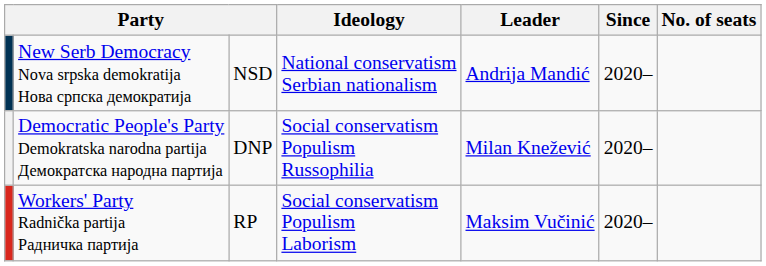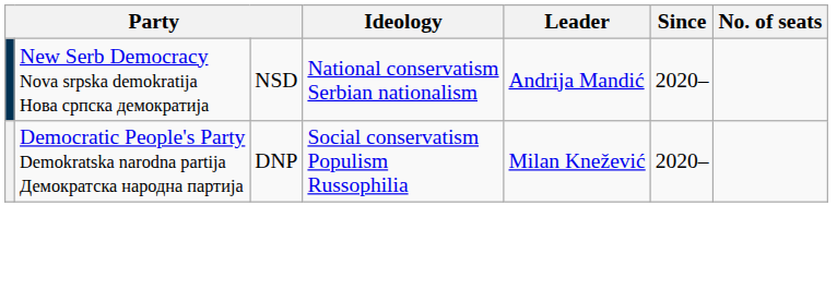 <table class="wikitable">
 <tr>
 <th colspan=3>Party</th>
 <th>Ideology</th>
 <th>Leader</th>
 <th>Since</th>
 <th>No. of seats</th>
 </tr>
 <tr>
 <th style="background-color:#003153;"></th>
 <td><a href='#'>New Serb Democracy</a><br><small>Nova srpska demokratija<br>Нова српска демократија</small></td>
 <td>NSD</td>
 <td><a href='#'>National conservatism</a><br><a href='#'>Serbian nationalism</a></td>
 <td><a href='#'>Andrija Mandić</a></td>
 <td>2020–</td>
 <td></td>
 </tr>
 <tr>
 <th style="background-color:"></th>
 <td><a href='#'>Democratic People's Party</a><br><small>Demokratska narodna partija<br>Демократска народна партија</small></td>
 <td>DNP</td>
 <td><a href='#'>Social conservatism</a><br> <a href='#'>Populism</a><br><a href='#'>Russophilia</a></td>
 <td><a href='#'>Milan Knežević</a></td>
 <td>2020–</td>
 <td></td>
 </tr>
-<tr>
-<th style="background-color:#D9271D;"></th>
-<td><a href='#'>Workers' Party</a><br><small>Radnička partija<br>Радничка партија</small></td>
-<td>RP</td>
-<td><a href='#'>Social conservatism</a><br><a href='#'>Populism</a> <br> <a href='#'>Laborism</a></td>
-<td><a href='#'>Maksim Vučinić</a></td>
-<td>2020–</td>
-<td></td>
-</tr>
 </table>
